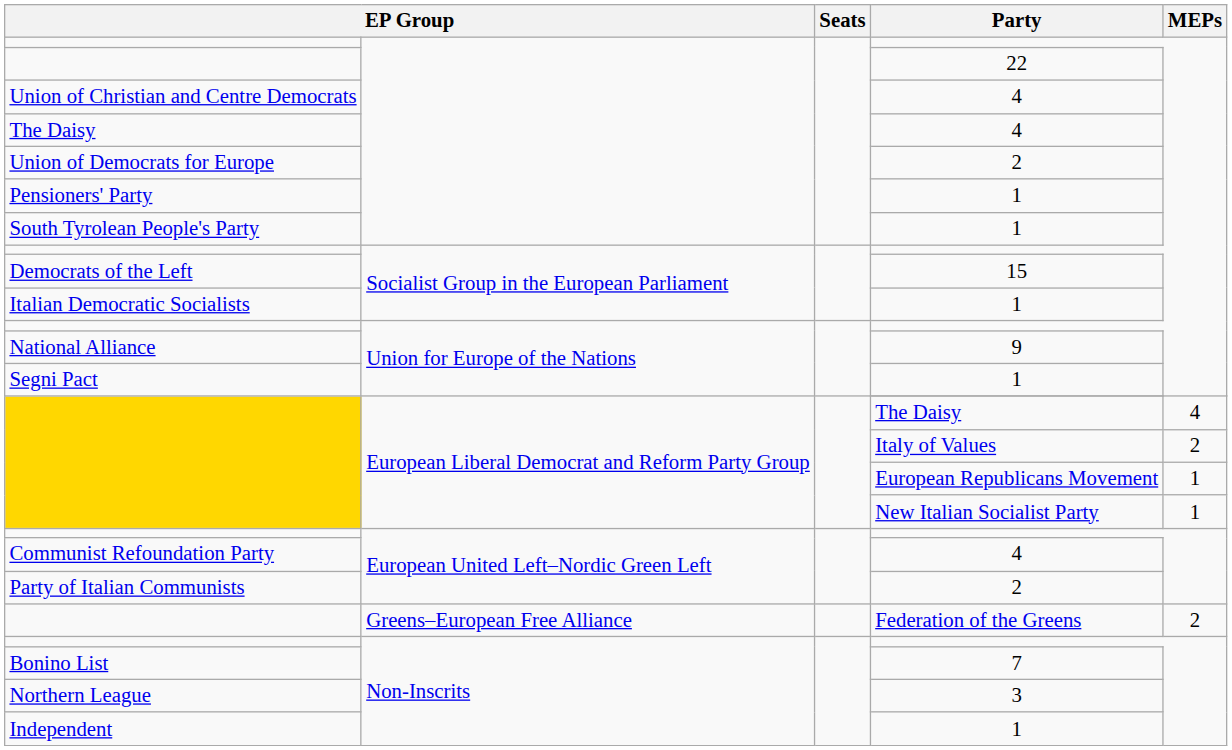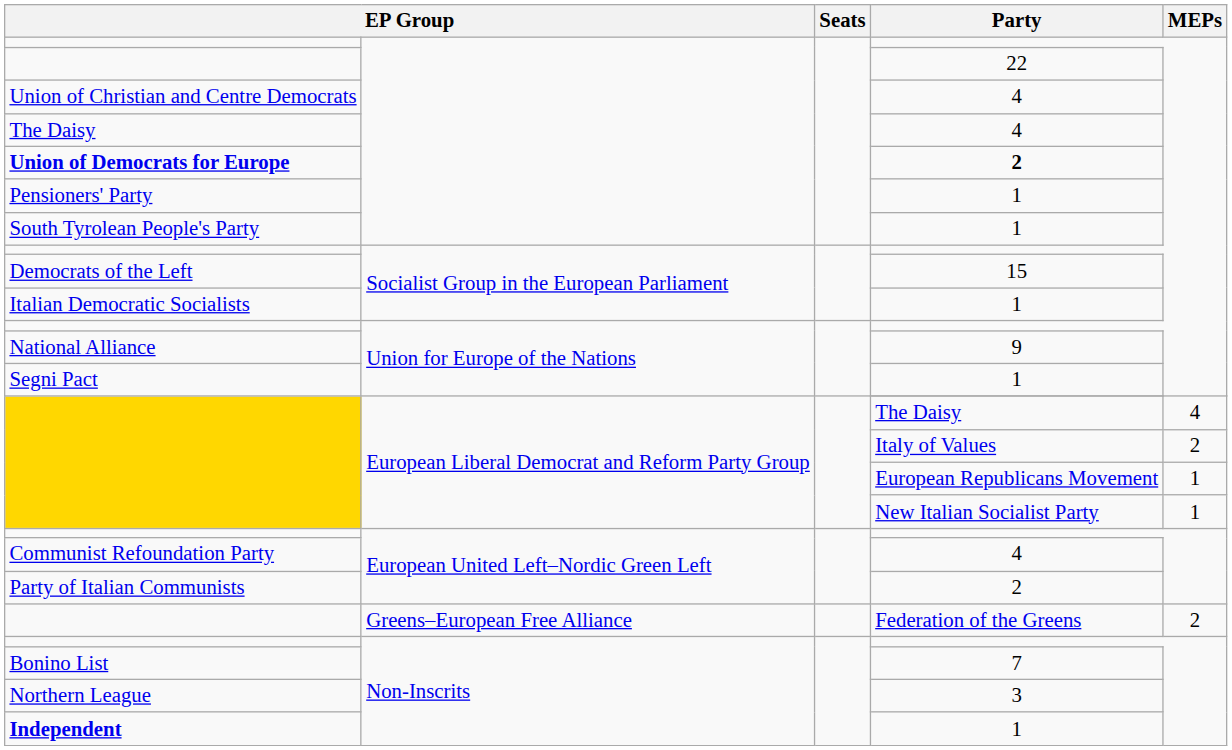 <table class="wikitable">
 <tr>
 <th colspan=2>EP Group</th>
 <th>Seats</th>
 <th>Party</th>
 <th>MEPs</th>
 </tr>
 <tr>
 <td></td>
 <td rowspan="7"></td>
 <td rowspan="7"></td>
 </tr>
 <tr>
 <td></td>
 <td align=center>22</td>
 </tr>
 <tr>
 <td><a href='#'>Union of Christian and Centre Democrats</a></td>
 <td align=center>4</td>
 </tr>
 <tr>
 <td><a href='#'>The Daisy</a></td>
 <td align=center>4</td>
 </tr>
 <tr>
-<td><a href='#'>Union of Democrats for Europe</a></td>
-<td align=center>2</td>
+<td><strong><a href='#'>Union of Democrats for Europe</a></strong></td>
+<td align=center><strong>2</strong></td>
 </tr>
 <tr>
 <td><a href='#'>Pensioners' Party</a></td>
 <td align=center>1</td>
 </tr>
 <tr>
 <td><a href='#'>South Tyrolean People's Party</a></td>
 <td align=center>1</td>
 </tr>
 <tr>
 <td></td>
 <td rowspan="3"><a href='#'>Socialist Group in the European Parliament</a></td>
 <td rowspan="3"></td>
 </tr>
 <tr>
 <td><a href='#'>Democrats of the Left</a></td>
 <td align=center>15</td>
 </tr>
 <tr>
 <td><a href='#'>Italian Democratic Socialists</a></td>
 <td align=center>1</td>
 </tr>
 <tr>
 <td></td>
 <td rowspan="3"><a href='#'>Union for Europe of the Nations</a></td>
 <td rowspan="3"></td>
 </tr>
 <tr>
 <td><a href='#'>National Alliance</a></td>
 <td align=center>9</td>
 </tr>
 <tr>
 <td><a href='#'>Segni Pact</a></td>
 <td align=center>1</td>
 </tr>
 <tr>
 <td bgcolor="gold" rowspan="5"></td>
 <td rowspan="5"><a href='#'>European Liberal Democrat and Reform Party Group</a></td>
 <td rowspan="5"></td>
 </tr>
 <tr>
 <td><a href='#'>The Daisy</a></td>
 <td align=center>4</td>
 </tr>
 <tr>
 <td><a href='#'>Italy of Values</a></td>
 <td align=center>2</td>
 </tr>
 <tr>
 <td><a href='#'>European Republicans Movement</a></td>
 <td align=center>1</td>
 </tr>
 <tr>
 <td><a href='#'>New Italian Socialist Party</a></td>
 <td align=center>1</td>
 </tr>
 <tr>
 <td></td>
 <td rowspan="3"><a href='#'>European United Left–Nordic Green Left</a></td>
 <td rowspan="3"></td>
 </tr>
 <tr>
 <td><a href='#'>Communist Refoundation Party</a></td>
 <td align=center>4</td>
 </tr>
 <tr>
 <td><a href='#'>Party of Italian Communists</a></td>
 <td align=center>2</td>
 </tr>
 <tr>
 <td></td>
 <td><a href='#'>Greens–European Free Alliance</a></td>
 <td></td>
 <td><a href='#'>Federation of the Greens</a></td>
 <td align=center>2</td>
 </tr>
 <tr>
 <td></td>
 <td rowspan="4"><a href='#'>Non-Inscrits</a></td>
 <td rowspan="4"></td>
 </tr>
 <tr>
 <td><a href='#'>Bonino List</a></td>
 <td align=center>7</td>
 </tr>
 <tr>
 <td><a href='#'>Northern League</a></td>
 <td align=center>3</td>
 </tr>
 <tr>
-<td><a href='#'>Independent</a></td>
+<td><strong><a href='#'>Independent</a></strong></td>
 <td align=center>1</td>
 </tr>
 </table>
